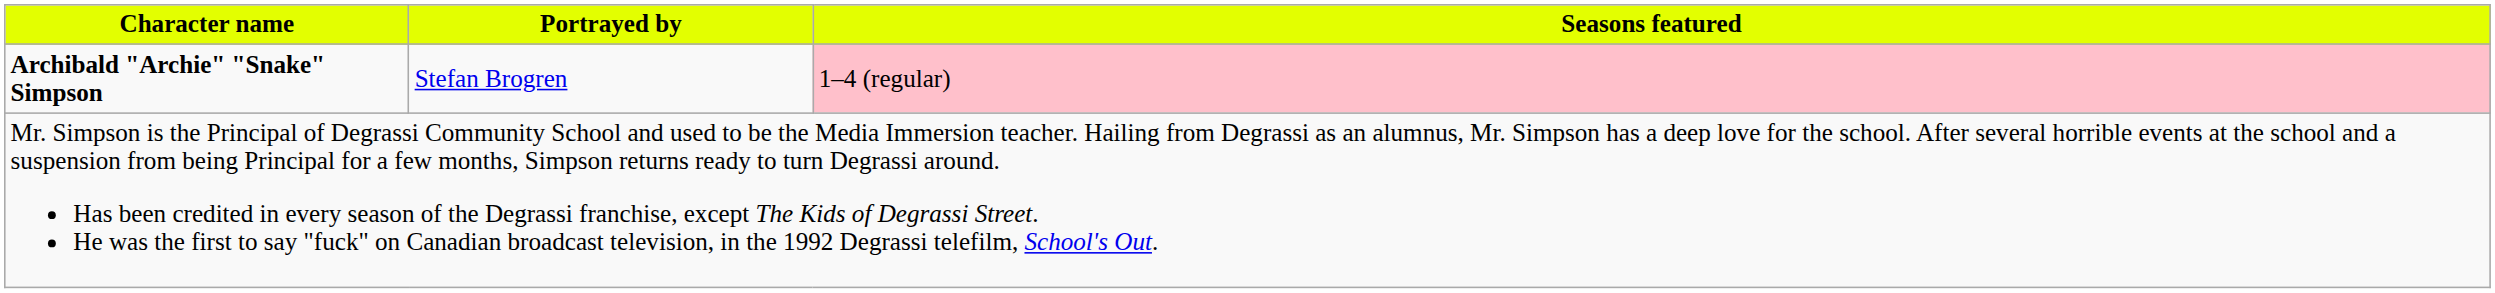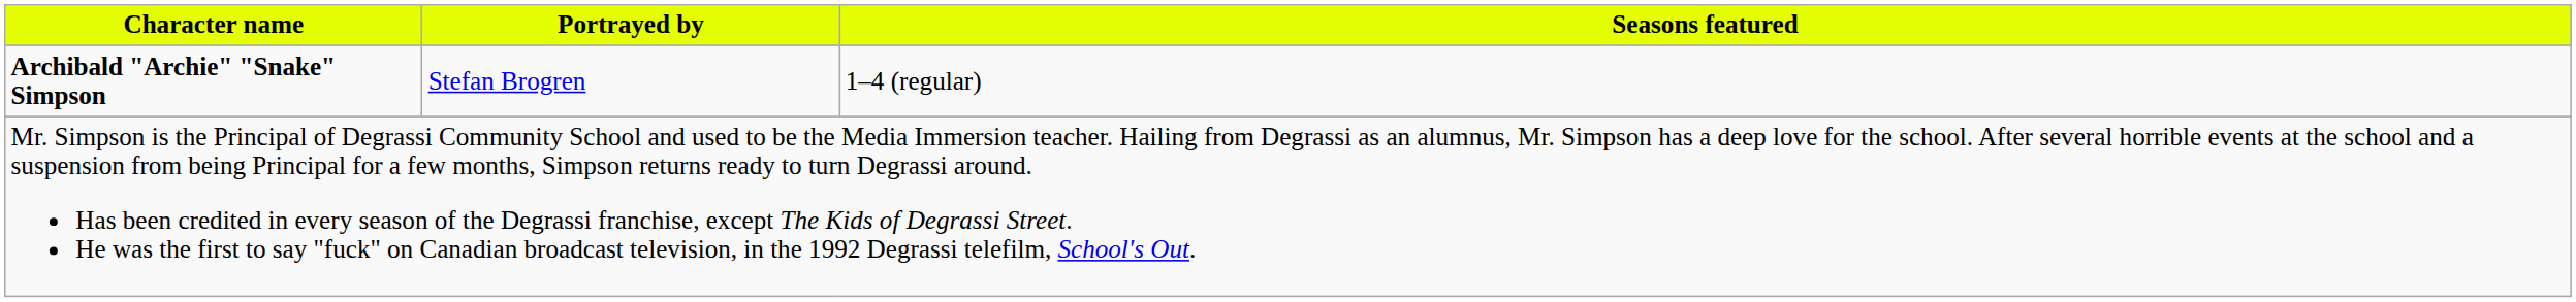 <table class="wikitable" style="margin:auto;">
 <tr>
 <th style="background-color: #E3FF00; width:250px">Character name</th>
 <th style="background-color: #E3FF00; width:250px">Portrayed by</th>
 <th style="background-color: #E3FF00;">Seasons featured</th>
 </tr>
 <tr>
 <td><strong>Archibald "Archie" "Snake" Simpson</strong> <span></span></td>
 <td><a href='#'>Stefan Brogren</a></td>
-<td style="background: pink;">1–4 (regular)</td>
+<td>1–4 (regular)</td>
 </tr>
 <tr>
 <td colspan="3">Mr. Simpson is the Principal of Degrassi Community School and used to be the Media Immersion teacher. Hailing from Degrassi as an alumnus, Mr. Simpson has a deep love for the school. After several horrible events at the school and a suspension from being Principal for a few months, Simpson returns ready to turn Degrassi around.<br><ul><li>Has been credited in every season of the Degrassi franchise, except <em>The Kids of Degrassi Street</em>.</li><li>He was the first to say "fuck" on Canadian broadcast television, in the 1992 Degrassi telefilm, <em><a href='#'>School's Out</a></em>.</li></ul></td>
 </tr>
 </table>
